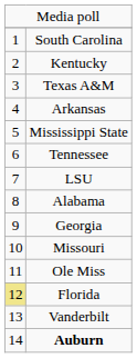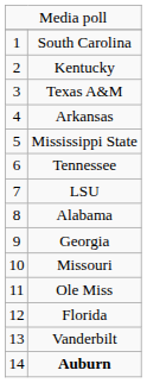 <table class="wikitable">
 <tr align="center">
 <td align="center" Colspan="2">Media poll</td>
 </tr>
 <tr align="center">
 </tr>
 <tr align="center">
 <td>1</td>
 <td>South Carolina</td>
 </tr>
 <tr align="center">
 <td>2</td>
 <td>Kentucky</td>
 </tr>
 <tr align="center">
 <td>3</td>
 <td>Texas A&M</td>
 </tr>
 <tr align="center">
 <td>4</td>
 <td>Arkansas</td>
 </tr>
 <tr align="center">
 <td>5</td>
 <td>Mississippi State</td>
 </tr>
 <tr align="center">
 <td>6</td>
 <td>Tennessee</td>
 </tr>
 <tr align="center">
 <td>7</td>
 <td>LSU</td>
 </tr>
 <tr align="center">
 <td>8</td>
 <td>Alabama</td>
 </tr>
 <tr align="center">
 <td>9</td>
 <td>Georgia</td>
 </tr>
 <tr align="center">
 <td>10</td>
 <td>Missouri</td>
 </tr>
 <tr align="center">
 <td>11</td>
 <td>Ole Miss</td>
 </tr>
 <tr align="center">
-<td style="background: khaki;">12</td>
+<td>12</td>
 <td>Florida</td>
 </tr>
 <tr align="center">
 <td>13</td>
 <td>Vanderbilt</td>
 </tr>
 <tr align="center">
 <td>14</td>
 <td><strong>Auburn</strong></td>
 </tr>
 </table>
